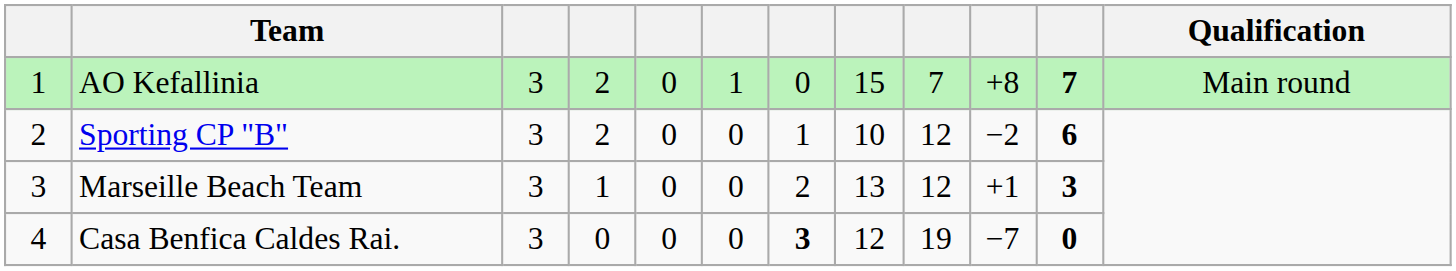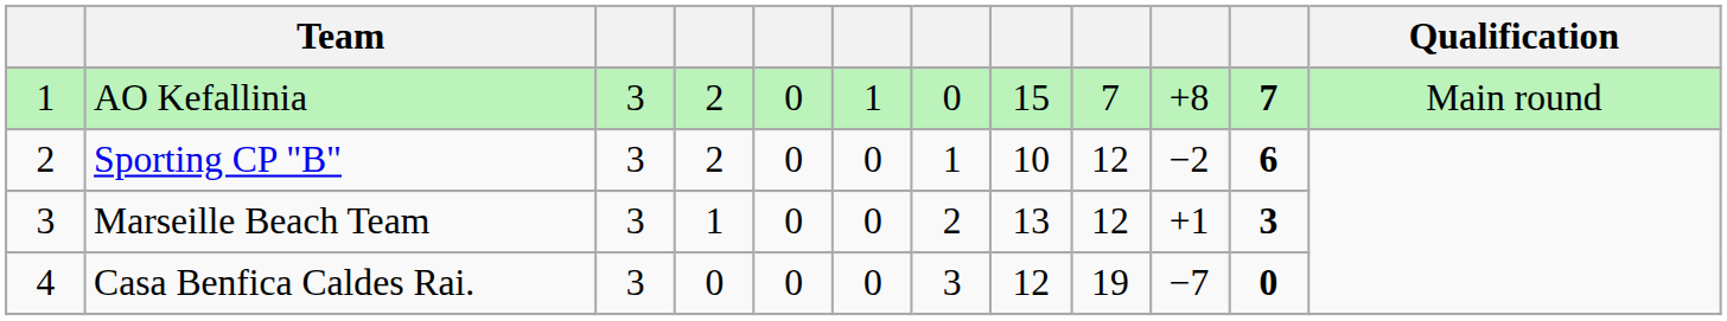 <table class="wikitable" style="font-size: 95%">
 <tr>
 <th width="25"></th>
 <th width="200">Team</th>
 <th width="25"></th>
 <th width="25"></th>
 <th width="25"></th>
 <th width="25"></th>
 <th width="25"></th>
 <th width="25"></th>
 <th width="25"></th>
 <th width="25"></th>
 <th width="25"></th>
 <th width="160">Qualification</th>
 </tr>
 <tr align=center bgcolor=#bbf3bb>
 <td>1</td>
 <td align=left> AO Kefallinia</td>
 <td>3</td>
 <td>2</td>
 <td>0</td>
 <td>1</td>
 <td>0</td>
 <td>15</td>
 <td>7</td>
 <td>+8</td>
 <td><strong>7</strong></td>
 <td>Main round</td>
 </tr>
 <tr align=center>
 <td>2</td>
 <td align=left> <a href='#'>Sporting CP "B"</a></td>
 <td>3</td>
 <td>2</td>
 <td>0</td>
 <td>0</td>
 <td>1</td>
 <td>10</td>
 <td>12</td>
 <td>−2</td>
 <td><strong>6</strong></td>
 <td rowspan=3></td>
 </tr>
 <tr align=center>
 <td>3</td>
 <td align=left> Marseille Beach Team</td>
 <td>3</td>
 <td>1</td>
 <td>0</td>
 <td>0</td>
 <td>2</td>
 <td>13</td>
 <td>12</td>
 <td>+1</td>
 <td><strong>3</strong></td>
 </tr>
 <tr align=center>
 <td>4</td>
 <td align=left> Casa Benfica Caldes Rai.</td>
 <td>3</td>
 <td>0</td>
 <td>0</td>
 <td>0</td>
-<td><strong>3</strong></td>
+<td>3</td>
 <td>12</td>
 <td>19</td>
 <td>−7</td>
 <td><strong>0</strong></td>
 </tr>
 </table>
